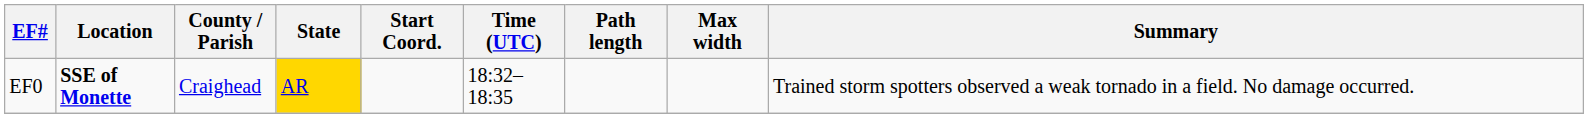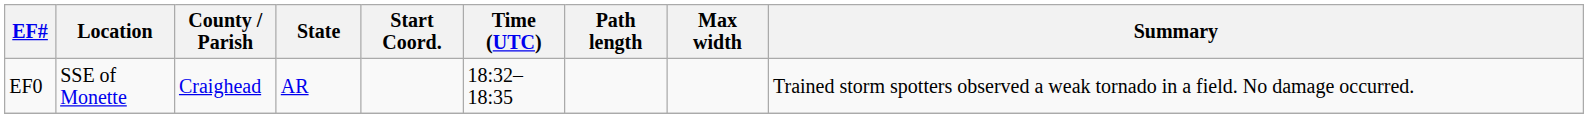 <table class="wikitable sortable" style="width:100%;">
 <tr>
 <th scope="col"  style="width:3%; text-align:center;"><a href='#'>EF#</a></th>
 <th scope="col"  style="width:7%; text-align:center;" class="unsortable">Location</th>
 <th scope="col"  style="width:6%; text-align:center;" class="unsortable">County / Parish</th>
 <th scope="col"  style="width:5%; text-align:center;">State</th>
 <th scope="col"  style="width:6%; text-align:center;">Start Coord.</th>
 <th scope="col"  style="width:6%; text-align:center;">Time (<a href='#'>UTC</a>)</th>
 <th scope="col"  style="width:6%; text-align:center;">Path length</th>
 <th scope="col"  style="width:6%; text-align:center;">Max width</th>
 <th scope="col" class="unsortable" style="width:48%; text-align:center;">Summary</th>
 </tr>
 <tr>
 <td bgcolor=>EF0</td>
-<td><strong>SSE of <a href='#'>Monette</a></strong></td>
+<td>SSE of <a href='#'>Monette</a></td>
 <td><a href='#'>Craighead</a></td>
-<td style="background: gold;"><a href='#'>AR</a></td>
+<td><a href='#'>AR</a></td>
 <td></td>
 <td>18:32–18:35</td>
 <td></td>
 <td></td>
 <td>Trained storm spotters observed a weak tornado in a field. No damage occurred.</td>
 </tr>
 <tr>
 </tr>
 </table>
